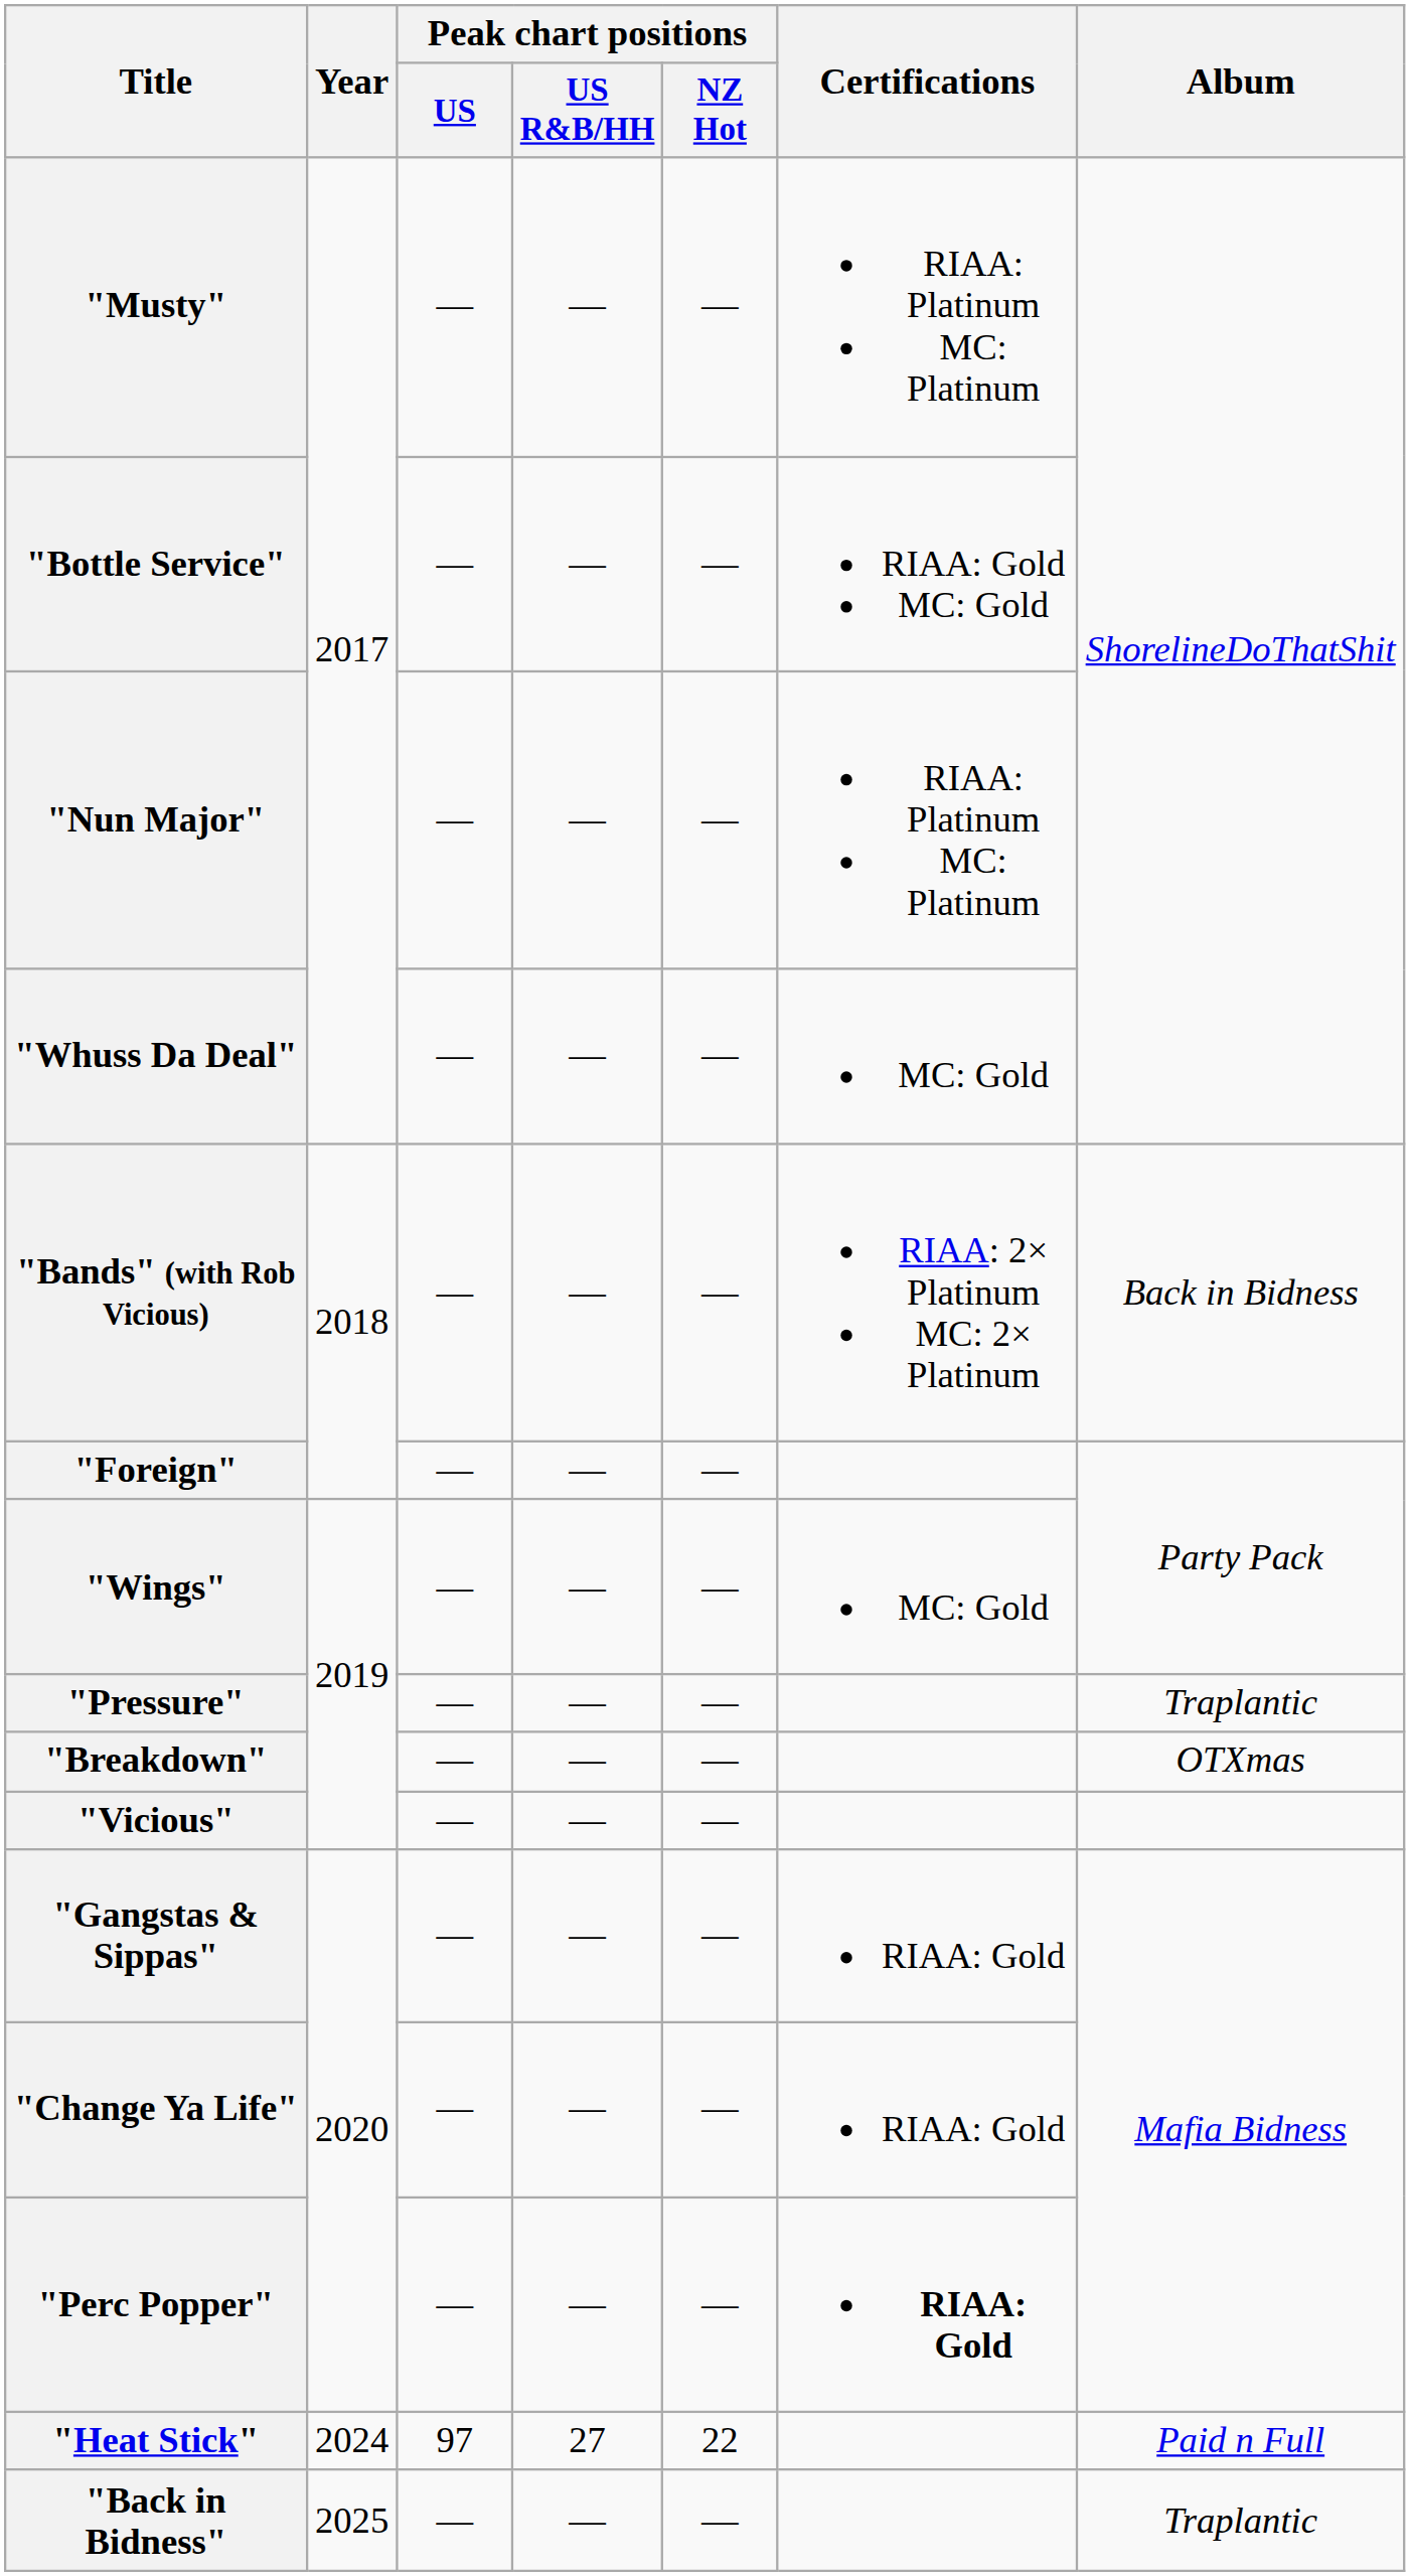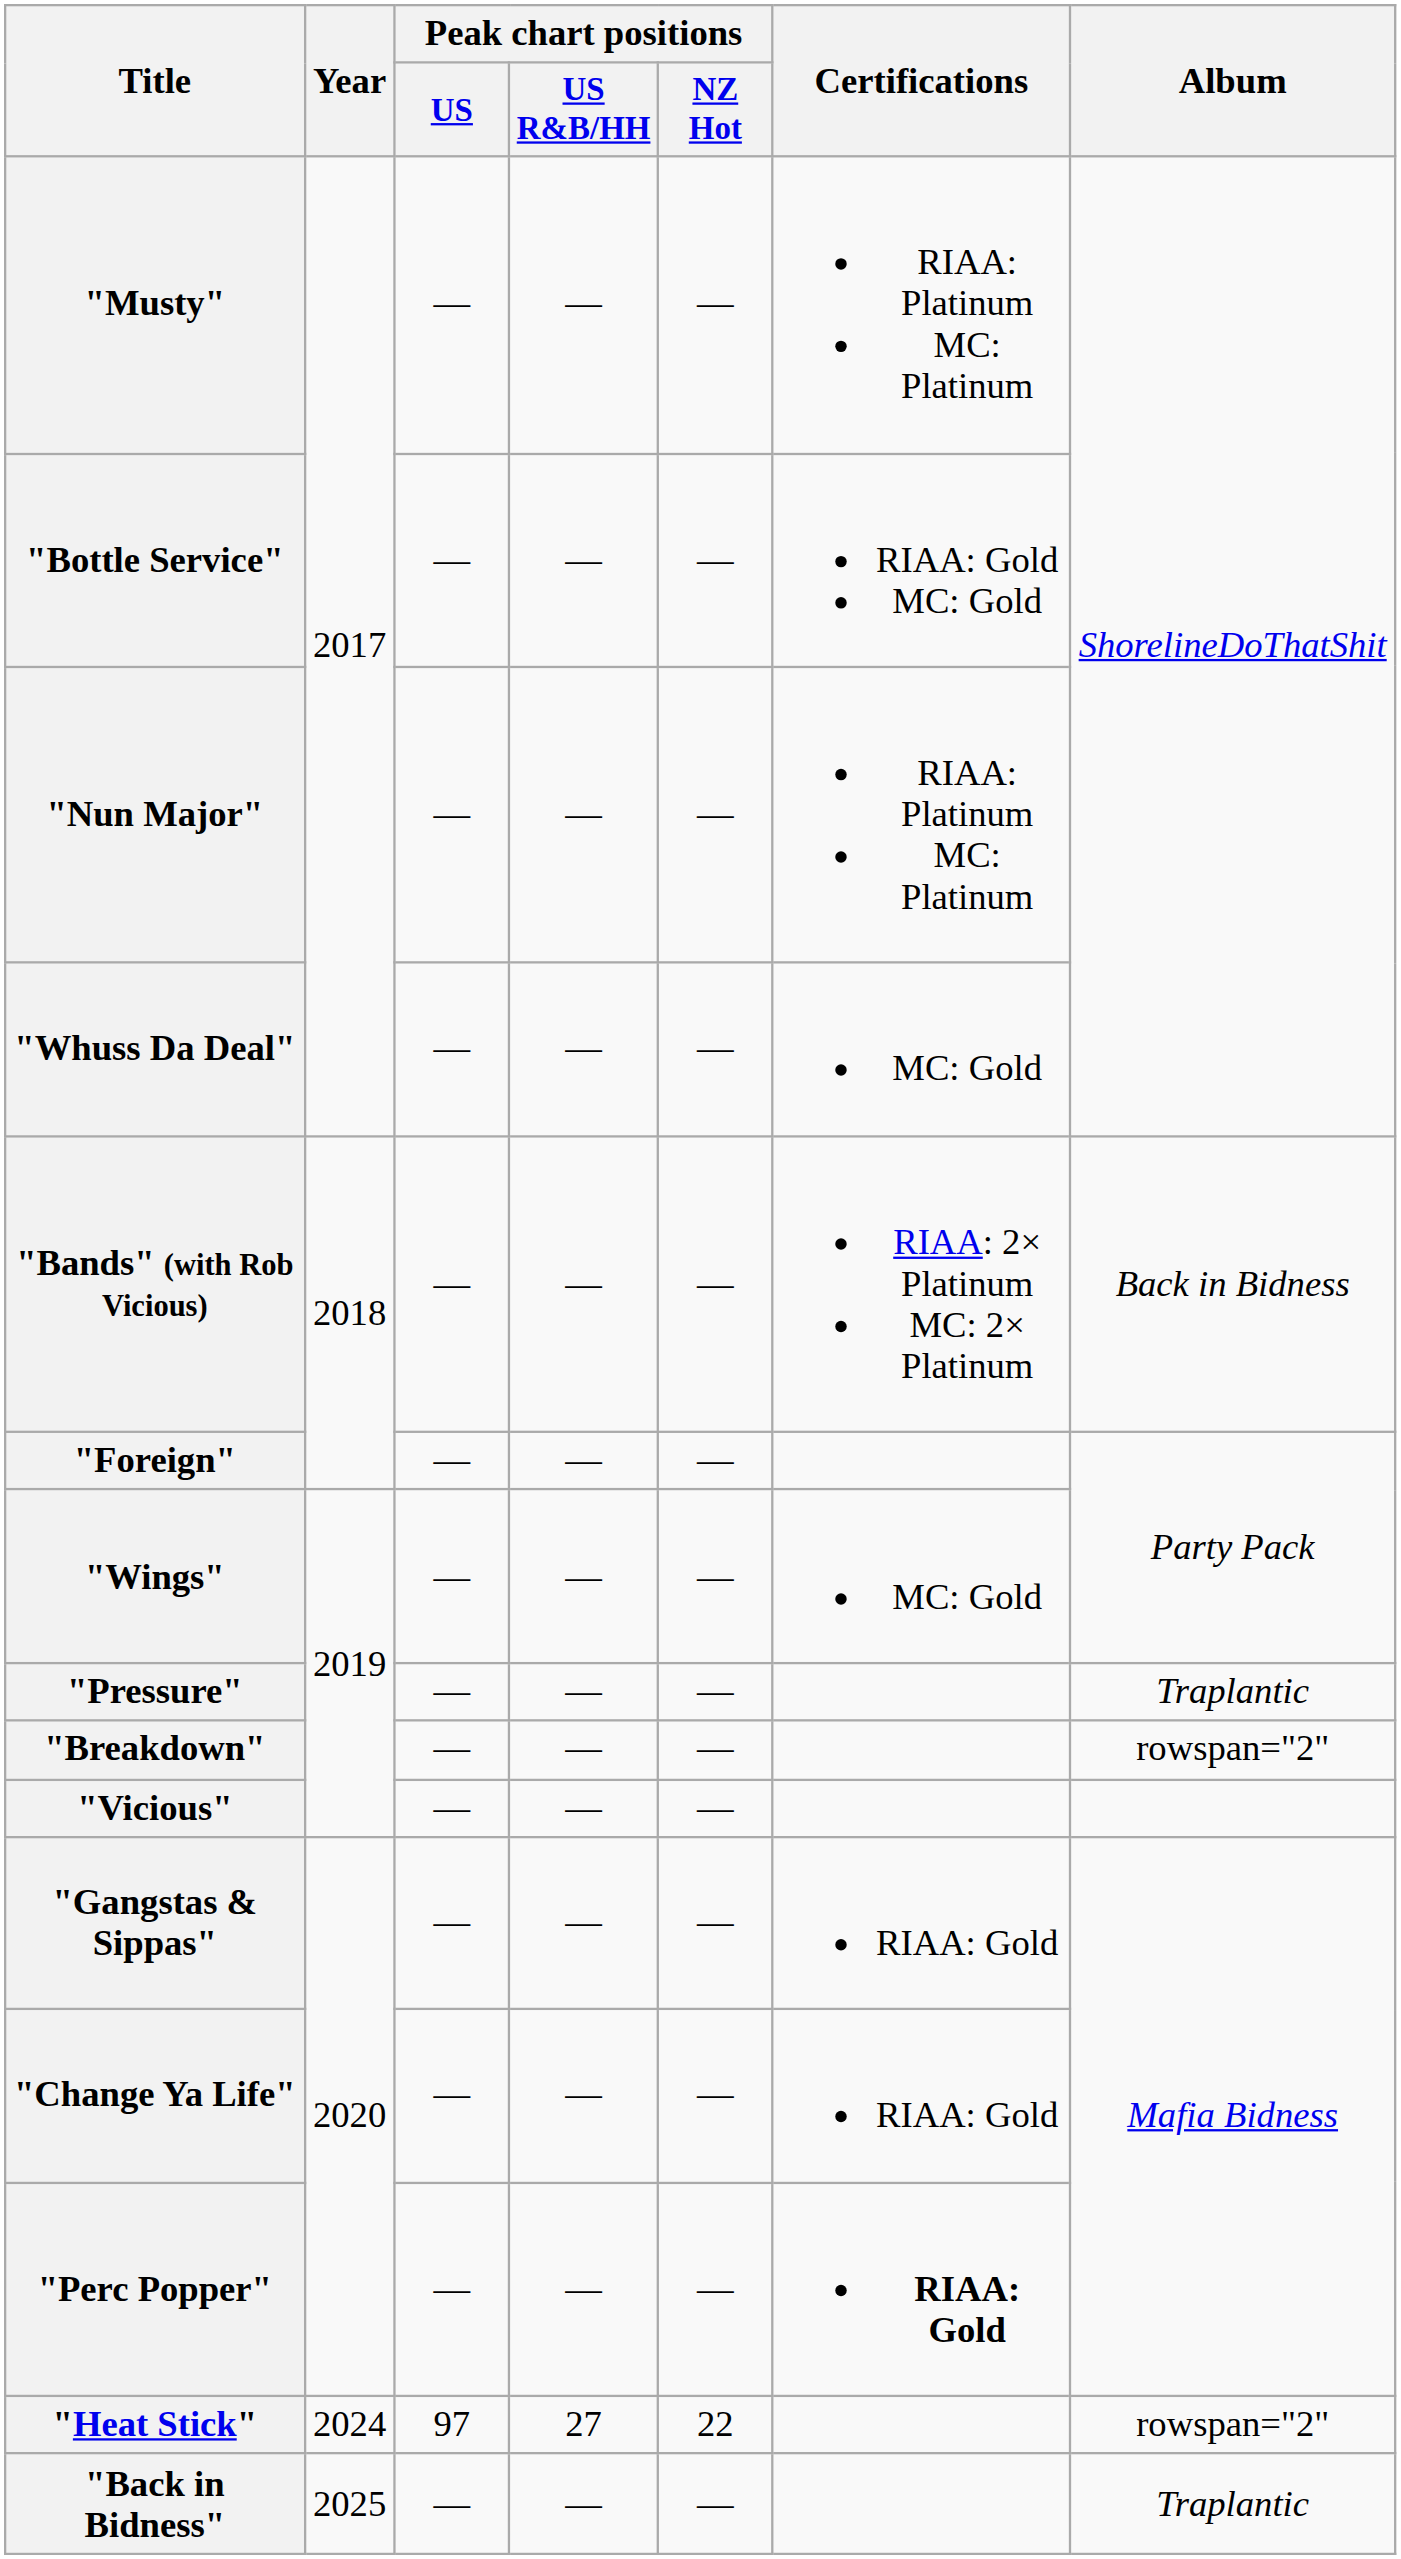 <table class="wikitable plainrowheaders" style="text-align:center;">
 <tr>
 <th scope="col" rowspan="2">Title</th>
 <th scope="col" rowspan="2">Year</th>
 <th scope="col" colspan="3">Peak chart positions</th>
 <th scope="col" rowspan="2">Certifications</th>
 <th scope="col" rowspan="2">Album</th>
 </tr>
 <tr>
 <th scope="col" style="width:3em;font-size:90%;"><a href='#'>US</a><br></th>
 <th scope="col" style="width:3em;font-size:90%;"><a href='#'>US<br>R&B/HH</a><br></th>
 <th scope="col" style="width:3em;font-size:90%;"><a href='#'>NZ<br>Hot</a><br></th>
 </tr>
 <tr>
 <th scope="row">"Musty"</th>
 <td rowspan="4">2017</td>
 <td>—</td>
 <td>—</td>
 <td>—</td>
 <td><br><ul><li>RIAA: Platinum</li><li>MC: Platinum</li></ul></td>
 <td rowspan="4"><em><a href='#'>ShorelineDoThatShit</a></em></td>
 </tr>
 <tr>
 <th scope="row">"Bottle Service"</th>
 <td>—</td>
 <td>—</td>
 <td>—</td>
 <td><br><ul><li>RIAA: Gold</li><li>MC: Gold</li></ul></td>
 </tr>
 <tr>
 <th scope="row">"Nun Major"</th>
 <td>—</td>
 <td>—</td>
 <td>—</td>
 <td><br><ul><li>RIAA: Platinum</li><li>MC: Platinum</li></ul></td>
 </tr>
 <tr>
 <th scope="row">"Whuss Da Deal"</th>
 <td>—</td>
 <td>—</td>
 <td>—</td>
 <td><br><ul><li>MC: Gold</li></ul></td>
 </tr>
 <tr>
 <th scope="row">"Bands" <small>(with Rob Vicious)</small></th>
 <td rowspan="2">2018</td>
 <td>—</td>
 <td>—</td>
 <td>—</td>
 <td><br><ul><li><a href='#'>RIAA</a>: 2× Platinum</li><li>MC: 2× Platinum</li></ul></td>
 <td><em>Back in Bidness</em></td>
 </tr>
 <tr>
 <th scope="row">"Foreign"</th>
 <td>—</td>
 <td>—</td>
 <td>—</td>
 <td></td>
 <td rowspan="2"><em>Party Pack</em></td>
 </tr>
 <tr>
 <th scope="row">"Wings"</th>
 <td rowspan="4">2019</td>
 <td>—</td>
 <td>—</td>
 <td>—</td>
 <td><br><ul><li>MC: Gold</li></ul></td>
 </tr>
 <tr>
 <th scope="row" !>"Pressure"</th>
 <td>—</td>
 <td>—</td>
 <td>—</td>
 <td></td>
 <td><em>Traplantic</em></td>
 </tr>
 <tr>
 <th scope="row">"Breakdown"</th>
 <td>—</td>
 <td>—</td>
 <td>—</td>
 <td></td>
-<td><em>OTXmas</em></td>
+<td>rowspan="2" </td>
 </tr>
 <tr>
 <th scope="row">"Vicious"</th>
 <td>—</td>
 <td>—</td>
 <td>—</td>
 <td></td>
 </tr>
 <tr>
 <th scope="row">"Gangstas & Sippas" </th>
 <td rowspan="3">2020</td>
 <td>—</td>
 <td>—</td>
 <td>—</td>
 <td><br><ul><li>RIAA: Gold</li></ul></td>
 <td rowspan="3"><em><a href='#'>Mafia Bidness</a></em></td>
 </tr>
 <tr>
 <th scope="row">"Change Ya Life"</th>
 <td>—</td>
 <td>—</td>
 <td>—</td>
 <td><br><ul><li>RIAA: Gold</li></ul></td>
 </tr>
 <tr>
 <th scope="row">"Perc Popper"</th>
 <td>—</td>
 <td>—</td>
 <td>—</td>
 <td><strong><br><ul><li>RIAA: Gold</li></ul></strong></td>
 </tr>
 <tr>
 <th scope="row">"<a href='#'>Heat Stick</a>"</th>
 <td>2024</td>
 <td>97</td>
 <td>27</td>
 <td>22</td>
 <td></td>
-<td><em><a href='#'>Paid n Full</a></em></td>
+<td>rowspan="2" </td>
 </tr>
 <tr>
 <th scope="row">"Back in Bidness"</th>
 <td>2025</td>
 <td>—</td>
 <td>—</td>
 <td>—</td>
 <td></td>
 <td><em>Traplantic</em></td>
 </tr>
 </table>
